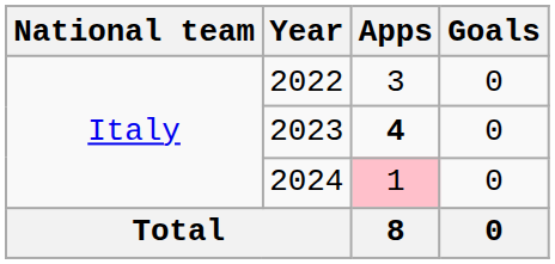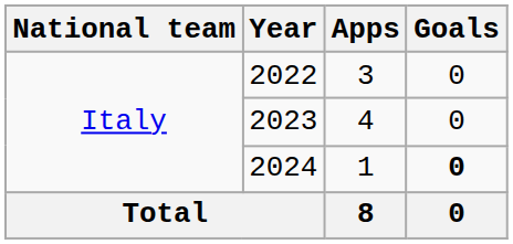 <table class="wikitable" style="text-align:center">
 <tr>
 <th>National team</th>
 <th>Year</th>
 <th>Apps</th>
 <th>Goals</th>
 </tr>
 <tr>
 <td rowspan="3"><a href='#'>Italy</a></td>
 <td>2022</td>
 <td>3</td>
 <td>0</td>
 </tr>
 <tr>
 <td>2023</td>
-<td><strong>4</strong></td>
+<td>4</td>
 <td>0</td>
 </tr>
 <tr>
 <td>2024</td>
-<td style="background: pink;">1</td>
-<td>0</td>
+<td>1</td>
+<td><strong>0</strong></td>
 </tr>
 <tr>
 <th colspan="2">Total</th>
 <th>8</th>
 <th>0</th>
 </tr>
 </table>
